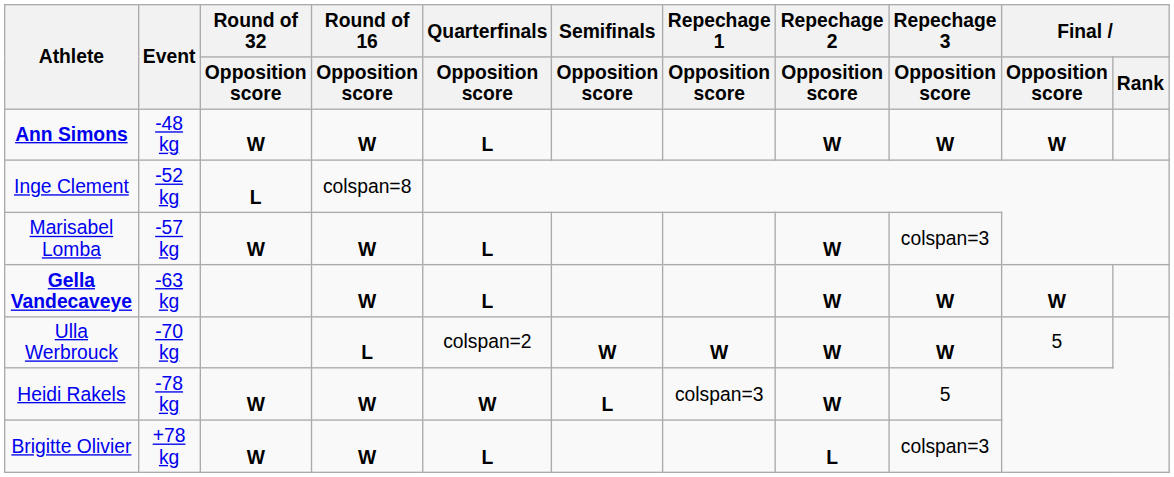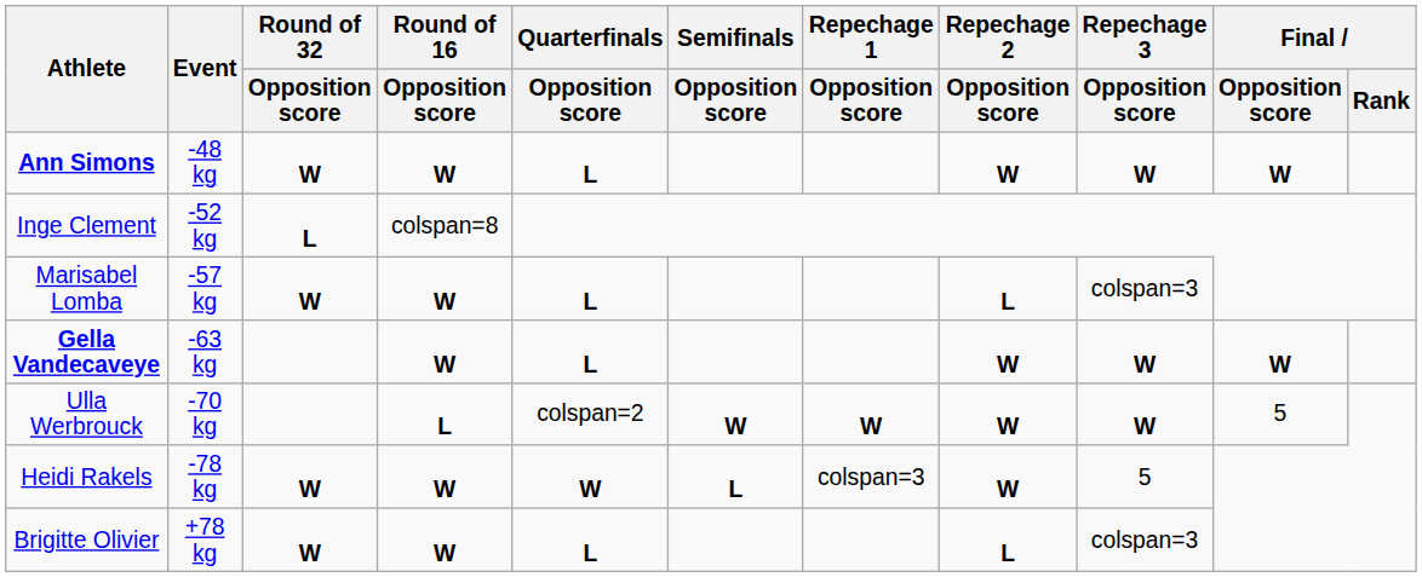 <table class=wikitable style="font-size:90%">
 <tr>
 <th rowspan=2>Athlete</th>
 <th rowspan=2>Event</th>
 <th>Round of 32</th>
 <th>Round of 16</th>
 <th>Quarterfinals</th>
 <th>Semifinals</th>
 <th>Repechage 1</th>
 <th>Repechage 2</th>
 <th>Repechage 3</th>
 <th colspan=2>Final / </th>
 </tr>
 <tr>
 <th>Opposition<br> score</th>
 <th>Opposition<br> score</th>
 <th>Opposition<br> score</th>
 <th>Opposition<br> score</th>
 <th>Opposition<br> score</th>
 <th>Opposition<br> score</th>
 <th>Opposition<br> score</th>
 <th>Opposition<br> score</th>
 <th>Rank</th>
 </tr>
 <tr align=center>
 <td><strong><a href='#'>Ann Simons</a></strong></td>
 <td><a href='#'>-48 kg</a></td>
 <td> <br> <strong>W</strong></td>
 <td> <br> <strong>W</strong></td>
 <td> <br> <strong>L</strong></td>
 <td></td>
 <td></td>
 <td> <br> <strong>W</strong></td>
 <td> <br> <strong>W</strong></td>
 <td> <br> <strong>W</strong></td>
 <td></td>
 </tr>
 <tr align=center>
 <td><a href='#'>Inge Clement</a></td>
 <td><a href='#'>-52 kg</a></td>
 <td> <br> <strong>L</strong></td>
 <td>colspan=8 </td>
 </tr>
 <tr align=center>
 <td><a href='#'>Marisabel Lomba</a></td>
 <td><a href='#'>-57 kg</a></td>
 <td> <br> <strong>W</strong></td>
 <td> <br> <strong>W</strong></td>
 <td> <br> <strong>L</strong></td>
 <td></td>
 <td></td>
-<td> <br> <strong>W</strong></td>
+<td> <br> <strong>L</strong></td>
 <td>colspan=3 </td>
 </tr>
 <tr align=center>
 <td><strong><a href='#'>Gella Vandecaveye</a></strong></td>
 <td><a href='#'>-63 kg</a></td>
 <td></td>
 <td> <br> <strong>W</strong></td>
 <td> <br> <strong>L</strong></td>
 <td></td>
 <td></td>
 <td> <br> <strong>W</strong></td>
 <td> <br> <strong>W</strong></td>
 <td> <br> <strong>W</strong></td>
 <td></td>
 </tr>
 <tr align=center>
 <td><a href='#'>Ulla Werbrouck</a></td>
 <td><a href='#'>-70 kg</a></td>
 <td></td>
 <td> <br> <strong>L</strong></td>
 <td>colspan=2 </td>
 <td> <br> <strong>W</strong></td>
 <td> <br> <strong>W</strong></td>
 <td> <br> <strong>W</strong></td>
 <td> <br> <strong>W</strong></td>
 <td>5</td>
 </tr>
 <tr align=center>
 <td><a href='#'>Heidi Rakels</a></td>
 <td><a href='#'>-78 kg</a></td>
 <td> <br> <strong>W</strong></td>
 <td> <br> <strong>W</strong></td>
 <td> <br> <strong>W</strong></td>
 <td> <br> <strong>L</strong></td>
 <td>colspan=3 </td>
 <td> <br> <strong>W</strong></td>
 <td>5</td>
 </tr>
 <tr align=center>
 <td><a href='#'>Brigitte Olivier</a></td>
 <td><a href='#'>+78 kg</a></td>
 <td> <br> <strong>W</strong></td>
 <td> <br> <strong>W</strong></td>
 <td> <br> <strong>L</strong></td>
 <td></td>
 <td></td>
 <td> <br> <strong>L</strong></td>
 <td>colspan=3 </td>
 </tr>
 </table>
